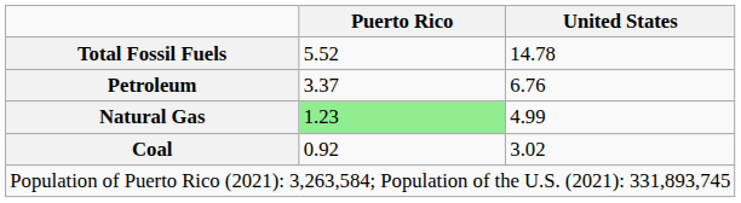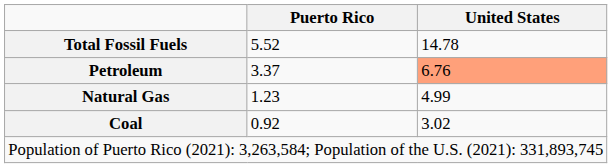 <table class="wikitable">
 <tr>
 <td></td>
 <th>Puerto Rico</th>
 <th>United States</th>
 </tr>
 <tr>
 <th>Total Fossil Fuels</th>
 <td>5.52</td>
 <td>14.78</td>
 </tr>
 <tr>
 <th>Petroleum</th>
 <td>3.37</td>
-<td>6.76</td>
+<td style="background: lightsalmon;">6.76</td>
 </tr>
 <tr>
 <th>Natural Gas</th>
-<td style="background: lightgreen;">1.23</td>
+<td>1.23</td>
 <td>4.99</td>
 </tr>
 <tr>
 <th>Coal</th>
 <td>0.92</td>
 <td>3.02</td>
 </tr>
 <tr>
 <td colspan="3">Population of Puerto Rico (2021): 3,263,584; Population of the U.S. (2021): 331,893,745</td>
 </tr>
 </table>
